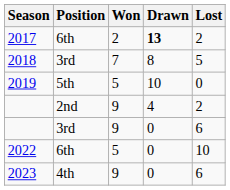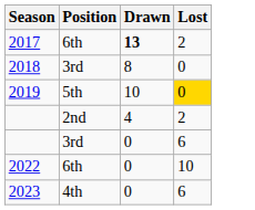 <table class="wikitable collapsible">
 <tr>
 <th>Season</th>
 <th>Position</th>
-<th>Won</th>
 <th>Drawn</th>
 <th>Lost</th>
 </tr>
 <tr>
 <td><a href='#'>2017</a></td>
 <td>6th</td>
-<td>2</td>
 <td><strong>13</strong></td>
 <td>2</td>
 </tr>
 <tr>
 <td><a href='#'>2018</a></td>
 <td>3rd</td>
-<td>7</td>
 <td>8</td>
-<td>5</td>
+<td>0</td>
 </tr>
 <tr>
 <td><a href='#'>2019</a></td>
 <td>5th</td>
-<td>5</td>
 <td>10</td>
-<td>0</td>
+<td style="background: gold;">0</td>
 </tr>
 <tr style="background-color:#">
 <td></td>
 <td>2nd</td>
-<td>9</td>
 <td>4</td>
 <td>2</td>
 </tr>
 <tr style="background-color:#">
 <td></td>
 <td>3rd</td>
-<td>9</td>
 <td>0</td>
 <td>6</td>
 </tr>
 <tr>
 <td><a href='#'>2022</a></td>
 <td>6th</td>
-<td>5</td>
 <td>0</td>
 <td>10</td>
 </tr>
 <tr>
 <td><a href='#'>2023</a></td>
 <td>4th</td>
-<td>9</td>
 <td>0</td>
 <td>6</td>
 </tr>
 </table>
